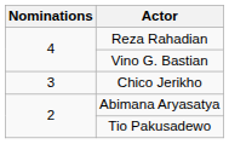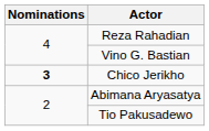 <table class="wikitable" style="text-align:center;">
 <tr>
 <th scope="col" width="55">Nominations</th>
 <th scope="col" align="center">Actor</th>
 </tr>
 <tr>
 <td rowspan="2">4</td>
 <td>Reza Rahadian</td>
 </tr>
 <tr>
 <td>Vino G. Bastian</td>
 </tr>
 <tr>
-<td>3</td>
+<td><strong>3</strong></td>
 <td>Chico Jerikho</td>
 </tr>
 <tr>
 <td rowspan="2">2</td>
 <td>Abimana Aryasatya</td>
 </tr>
 <tr>
 <td>Tio Pakusadewo</td>
 </tr>
 </table>
